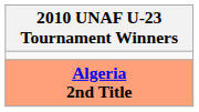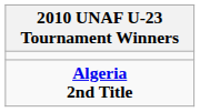 <table class="wikitable" style="text-align: center; margin: 0 auto; width: 20%">
 <tr>
 <th>2010 UNAF U-23 Tournament Winners</th>
 </tr>
 <tr>
 <td></td>
 </tr>
 <tr>
-<td style="background: lightsalmon;"><strong><a href='#'>Algeria</a></strong><br><strong>2nd Title</strong></td>
+<td><strong><a href='#'>Algeria</a></strong><br><strong>2nd Title</strong></td>
 </tr>
 </table>
